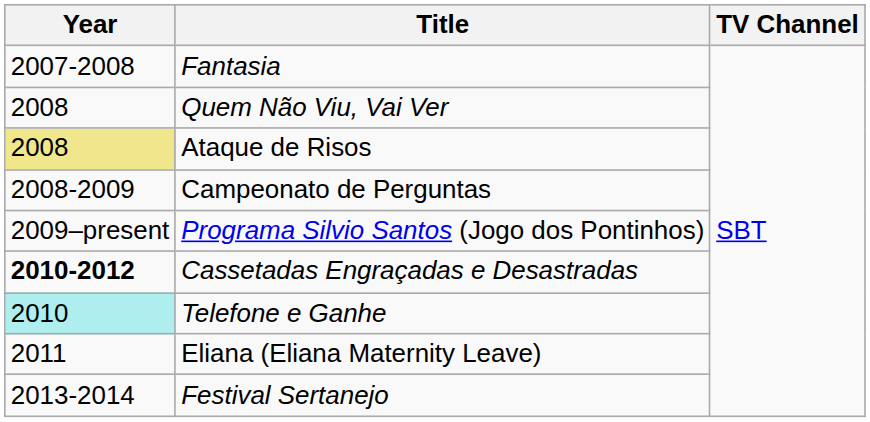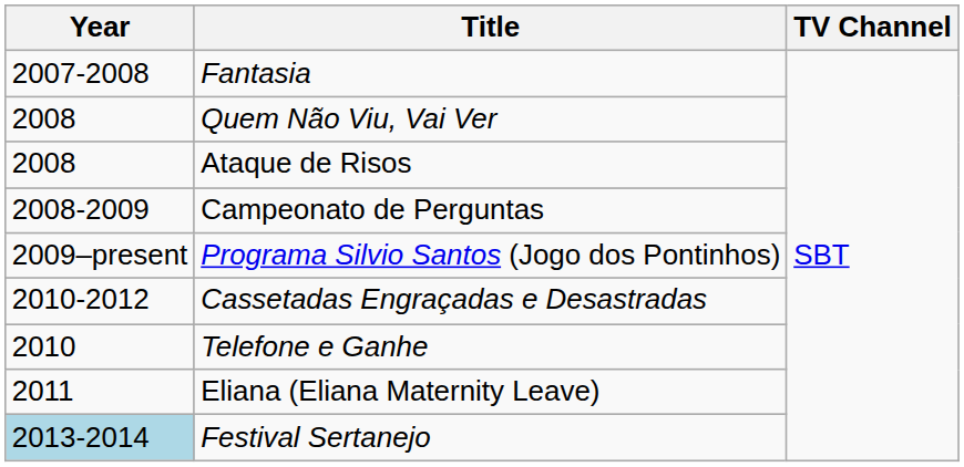 <table class="wikitable">
 <tr>
 <th>Year</th>
 <th>Title</th>
 <th>TV Channel</th>
 </tr>
 <tr>
 <td>2007-2008</td>
 <td><em>Fantasia</em></td>
 <td rowspan="9"><a href='#'>SBT</a></td>
 </tr>
 <tr>
 <td>2008</td>
 <td><em>Quem Não Viu, Vai Ver</em></td>
 </tr>
 <tr>
-<td style="background: khaki;">2008</td>
+<td>2008</td>
 <td>Ataque de Risos</td>
 </tr>
 <tr>
 <td>2008-2009</td>
 <td>Campeonato de Perguntas</td>
 </tr>
 <tr>
 <td>2009–present</td>
 <td><em><a href='#'>Programa Silvio Santos</a></em> (Jogo dos Pontinhos)</td>
 </tr>
 <tr>
-<td><strong>2010-2012</strong></td>
+<td>2010-2012</td>
 <td><em>Cassetadas Engraçadas e Desastradas</em></td>
 </tr>
 <tr>
-<td style="background: paleturquoise;">2010</td>
+<td>2010</td>
 <td><em>Telefone e Ganhe</em></td>
 </tr>
 <tr>
 <td>2011</td>
 <td>Eliana (Eliana Maternity Leave)</td>
 </tr>
 <tr>
-<td>2013-2014</td>
+<td style="background: lightblue;">2013-2014</td>
 <td><em>Festival Sertanejo</em></td>
 </tr>
 </table>
